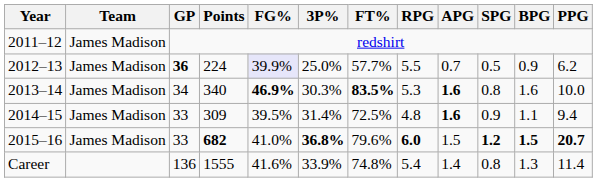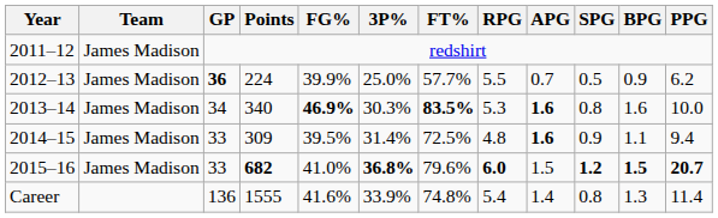 <table class="wikitable">
 <tr>
 <th>Year</th>
 <th>Team</th>
 <th>GP</th>
 <th>Points</th>
 <th>FG%</th>
 <th>3P%</th>
 <th>FT%</th>
 <th>RPG</th>
 <th>APG</th>
 <th>SPG</th>
 <th>BPG</th>
 <th>PPG</th>
 </tr>
 <tr>
 <td>2011–12</td>
 <td>James Madison</td>
 <td colspan="10" align=center><a href='#'>redshirt</a></td>
 </tr>
 <tr>
 <td>2012–13</td>
 <td>James Madison</td>
 <td><strong>36</strong></td>
 <td>224</td>
-<td style="background: lavender;">39.9%</td>
+<td>39.9%</td>
 <td>25.0%</td>
 <td>57.7%</td>
 <td>5.5</td>
 <td>0.7</td>
 <td>0.5</td>
 <td>0.9</td>
 <td>6.2</td>
 </tr>
 <tr>
 <td>2013–14</td>
 <td>James Madison</td>
 <td>34</td>
 <td>340</td>
 <td><strong>46.9%</strong></td>
 <td>30.3%</td>
 <td><strong>83.5%</strong></td>
 <td>5.3</td>
 <td><strong>1.6</strong></td>
 <td>0.8</td>
 <td>1.6</td>
 <td>10.0</td>
 </tr>
 <tr>
 <td>2014–15</td>
 <td>James Madison</td>
 <td>33</td>
 <td>309</td>
 <td>39.5%</td>
 <td>31.4%</td>
 <td>72.5%</td>
 <td>4.8</td>
 <td><strong>1.6</strong></td>
 <td>0.9</td>
 <td>1.1</td>
 <td>9.4</td>
 </tr>
 <tr>
 <td>2015–16</td>
 <td>James Madison</td>
 <td>33</td>
 <td><strong>682</strong></td>
 <td>41.0%</td>
 <td><strong>36.8%</strong></td>
 <td>79.6%</td>
 <td><strong>6.0</strong></td>
 <td>1.5</td>
 <td><strong>1.2</strong></td>
 <td><strong>1.5</strong></td>
 <td><strong>20.7</strong></td>
 </tr>
 <tr>
 <td>Career</td>
 <td></td>
 <td>136</td>
 <td>1555</td>
 <td>41.6%</td>
 <td>33.9%</td>
 <td>74.8%</td>
 <td>5.4</td>
 <td>1.4</td>
 <td>0.8</td>
 <td>1.3</td>
 <td>11.4</td>
 </tr>
 </table>
